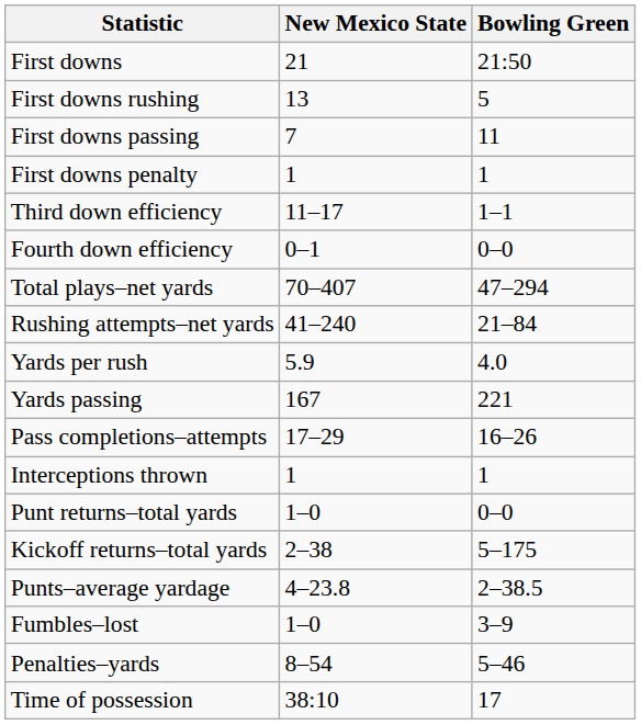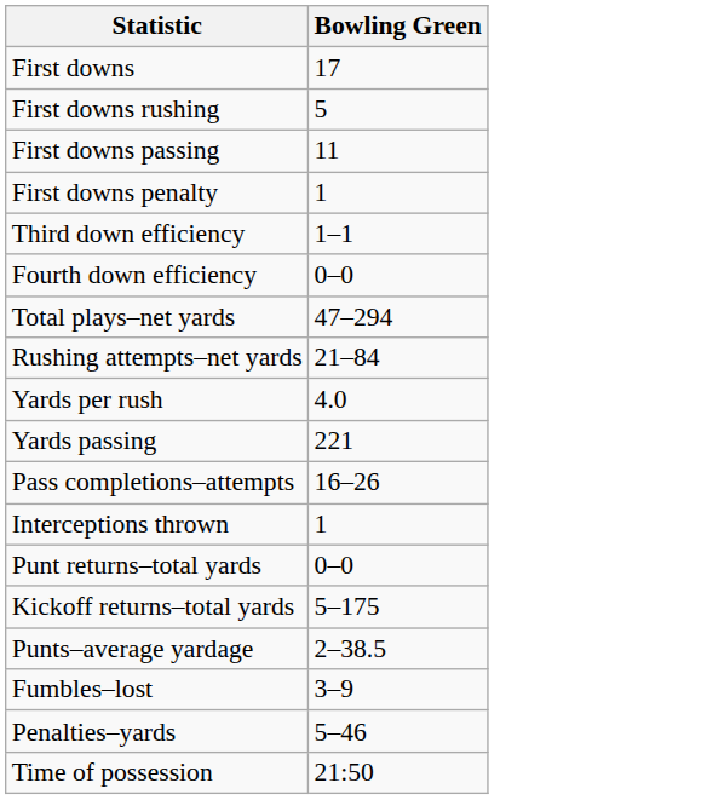 <table class="wikitable">
 <tr>
 <th>Statistic</th>
-<th><strong>New Mexico State</strong></th>
 <th><strong>Bowling Green</strong></th>
 </tr>
 <tr>
 <td>First downs</td>
-<td>21</td>
-<td>21:50</td>
+<td>17</td>
 </tr>
 <tr>
 <td>First downs rushing</td>
-<td>13</td>
 <td>5</td>
 </tr>
 <tr>
 <td>First downs passing</td>
-<td>7</td>
 <td>11</td>
 </tr>
 <tr>
 <td>First downs penalty</td>
 <td>1</td>
-<td>1</td>
 </tr>
 <tr>
 <td>Third down efficiency</td>
-<td>11–17</td>
 <td>1–1</td>
 </tr>
 <tr>
 <td>Fourth down efficiency</td>
-<td>0–1</td>
 <td>0–0</td>
 </tr>
 <tr>
 <td>Total plays–net yards</td>
-<td>70–407</td>
 <td>47–294</td>
 </tr>
 <tr>
 <td>Rushing attempts–net yards</td>
-<td>41–240</td>
 <td>21–84</td>
 </tr>
 <tr>
 <td>Yards per rush</td>
-<td>5.9</td>
 <td>4.0</td>
 </tr>
 <tr>
 <td>Yards passing</td>
-<td>167</td>
 <td>221</td>
 </tr>
 <tr>
 <td>Pass completions–attempts</td>
-<td>17–29</td>
 <td>16–26</td>
 </tr>
 <tr>
 <td>Interceptions thrown</td>
 <td>1</td>
-<td>1</td>
 </tr>
 <tr>
 <td>Punt returns–total yards</td>
-<td>1–0</td>
 <td>0–0</td>
 </tr>
 <tr>
 <td>Kickoff returns–total yards</td>
-<td>2–38</td>
 <td>5–175</td>
 </tr>
 <tr>
 <td>Punts–average yardage</td>
-<td>4–23.8</td>
 <td>2–38.5</td>
 </tr>
 <tr>
 <td>Fumbles–lost</td>
-<td>1–0</td>
 <td>3–9</td>
 </tr>
 <tr>
 <td>Penalties–yards</td>
-<td>8–54</td>
 <td>5–46</td>
 </tr>
 <tr>
 <td>Time of possession</td>
-<td>38:10</td>
-<td>17</td>
+<td>21:50</td>
 </tr>
 </table>
